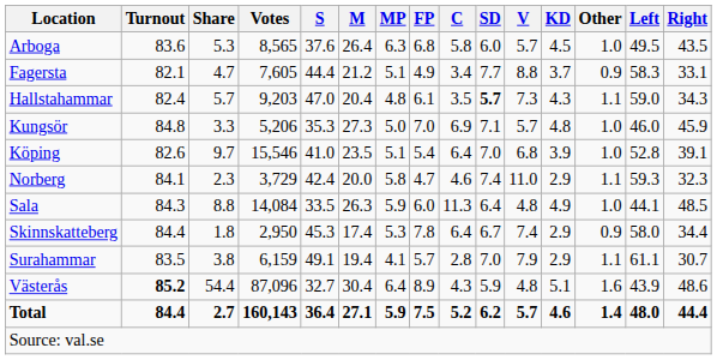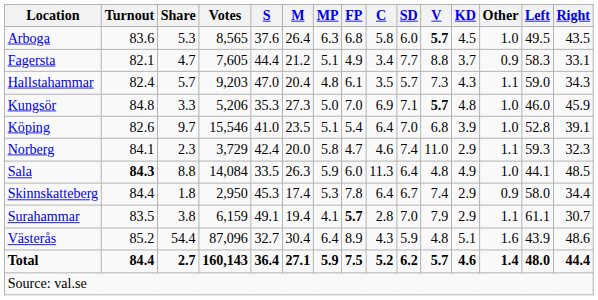 <table class="wikitable sortable" style=text-align:right>
 <tr>
 <th>Location</th>
 <th>Turnout</th>
 <th>Share</th>
 <th>Votes</th>
 <th><a href='#'>S</a></th>
 <th><a href='#'>M</a></th>
 <th><a href='#'>MP</a></th>
 <th><a href='#'>FP</a></th>
 <th><a href='#'>C</a></th>
 <th><a href='#'>SD</a></th>
 <th><a href='#'>V</a></th>
 <th><a href='#'>KD</a></th>
 <th>Other</th>
 <th><a href='#'>Left</a></th>
 <th><a href='#'>Right</a></th>
 </tr>
 <tr>
 <td align=left><a href='#'>Arboga</a></td>
 <td>83.6</td>
 <td>5.3</td>
 <td>8,565</td>
 <td>37.6</td>
 <td>26.4</td>
 <td>6.3</td>
 <td>6.8</td>
 <td>5.8</td>
 <td>6.0</td>
-<td>5.7</td>
+<td><strong>5.7</strong></td>
 <td>4.5</td>
 <td>1.0</td>
 <td>49.5</td>
 <td>43.5</td>
 </tr>
 <tr>
 <td align=left><a href='#'>Fagersta</a></td>
 <td>82.1</td>
 <td>4.7</td>
 <td>7,605</td>
 <td>44.4</td>
 <td>21.2</td>
 <td>5.1</td>
 <td>4.9</td>
 <td>3.4</td>
 <td>7.7</td>
 <td>8.8</td>
 <td>3.7</td>
 <td>0.9</td>
 <td>58.3</td>
 <td>33.1</td>
 </tr>
 <tr>
 <td align=left><a href='#'>Hallstahammar</a></td>
 <td>82.4</td>
 <td>5.7</td>
 <td>9,203</td>
 <td>47.0</td>
 <td>20.4</td>
 <td>4.8</td>
 <td>6.1</td>
 <td>3.5</td>
-<td><strong>5.7</strong></td>
+<td>5.7</td>
 <td>7.3</td>
 <td>4.3</td>
 <td>1.1</td>
 <td>59.0</td>
 <td>34.3</td>
 </tr>
 <tr>
 <td align=left><a href='#'>Kungsör</a></td>
 <td>84.8</td>
 <td>3.3</td>
 <td>5,206</td>
 <td>35.3</td>
 <td>27.3</td>
 <td>5.0</td>
 <td>7.0</td>
 <td>6.9</td>
 <td>7.1</td>
-<td>5.7</td>
+<td><strong>5.7</strong></td>
 <td>4.8</td>
 <td>1.0</td>
 <td>46.0</td>
 <td>45.9</td>
 </tr>
 <tr>
 <td align=left><a href='#'>Köping</a></td>
 <td>82.6</td>
 <td>9.7</td>
 <td>15,546</td>
 <td>41.0</td>
 <td>23.5</td>
 <td>5.1</td>
 <td>5.4</td>
 <td>6.4</td>
 <td>7.0</td>
 <td>6.8</td>
 <td>3.9</td>
 <td>1.0</td>
 <td>52.8</td>
 <td>39.1</td>
 </tr>
 <tr>
 <td align=left><a href='#'>Norberg</a></td>
 <td>84.1</td>
 <td>2.3</td>
 <td>3,729</td>
 <td>42.4</td>
 <td>20.0</td>
 <td>5.8</td>
 <td>4.7</td>
 <td>4.6</td>
 <td>7.4</td>
 <td>11.0</td>
 <td>2.9</td>
 <td>1.1</td>
 <td>59.3</td>
 <td>32.3</td>
 </tr>
 <tr>
 <td align=left><a href='#'>Sala</a></td>
-<td>84.3</td>
+<td><strong>84.3</strong></td>
 <td>8.8</td>
 <td>14,084</td>
 <td>33.5</td>
 <td>26.3</td>
 <td>5.9</td>
 <td>6.0</td>
 <td>11.3</td>
 <td>6.4</td>
 <td>4.8</td>
 <td>4.9</td>
 <td>1.0</td>
 <td>44.1</td>
 <td>48.5</td>
 </tr>
 <tr>
 <td align=left><a href='#'>Skinnskatteberg</a></td>
 <td>84.4</td>
 <td>1.8</td>
 <td>2,950</td>
 <td>45.3</td>
 <td>17.4</td>
 <td>5.3</td>
 <td>7.8</td>
 <td>6.4</td>
 <td>6.7</td>
 <td>7.4</td>
 <td>2.9</td>
 <td>0.9</td>
 <td>58.0</td>
 <td>34.4</td>
 </tr>
 <tr>
 <td align=left><a href='#'>Surahammar</a></td>
 <td>83.5</td>
 <td>3.8</td>
 <td>6,159</td>
 <td>49.1</td>
 <td>19.4</td>
 <td>4.1</td>
-<td>5.7</td>
+<td><strong>5.7</strong></td>
 <td>2.8</td>
 <td>7.0</td>
 <td>7.9</td>
 <td>2.9</td>
 <td>1.1</td>
 <td>61.1</td>
 <td>30.7</td>
 </tr>
 <tr>
 <td align=left><a href='#'>Västerås</a></td>
-<td><strong>85.2</strong></td>
+<td>85.2</td>
 <td>54.4</td>
 <td>87,096</td>
 <td>32.7</td>
 <td>30.4</td>
 <td>6.4</td>
 <td>8.9</td>
 <td>4.3</td>
 <td>5.9</td>
 <td>4.8</td>
 <td>5.1</td>
 <td>1.6</td>
 <td>43.9</td>
 <td>48.6</td>
 </tr>
 <tr>
 <td align=left><strong>Total</strong></td>
 <td><strong>84.4</strong></td>
 <td><strong>2.7</strong></td>
 <td><strong>160,143</strong></td>
 <td><strong>36.4</strong></td>
 <td><strong>27.1</strong></td>
 <td><strong>5.9</strong></td>
 <td><strong>7.5</strong></td>
 <td><strong>5.2</strong></td>
 <td><strong>6.2</strong></td>
 <td><strong>5.7</strong></td>
 <td><strong>4.6</strong></td>
 <td><strong>1.4</strong></td>
 <td><strong>48.0</strong></td>
 <td><strong>44.4</strong></td>
 </tr>
 <tr>
 <td align=left colspan=15>Source: val.se </td>
 </tr>
 </table>
